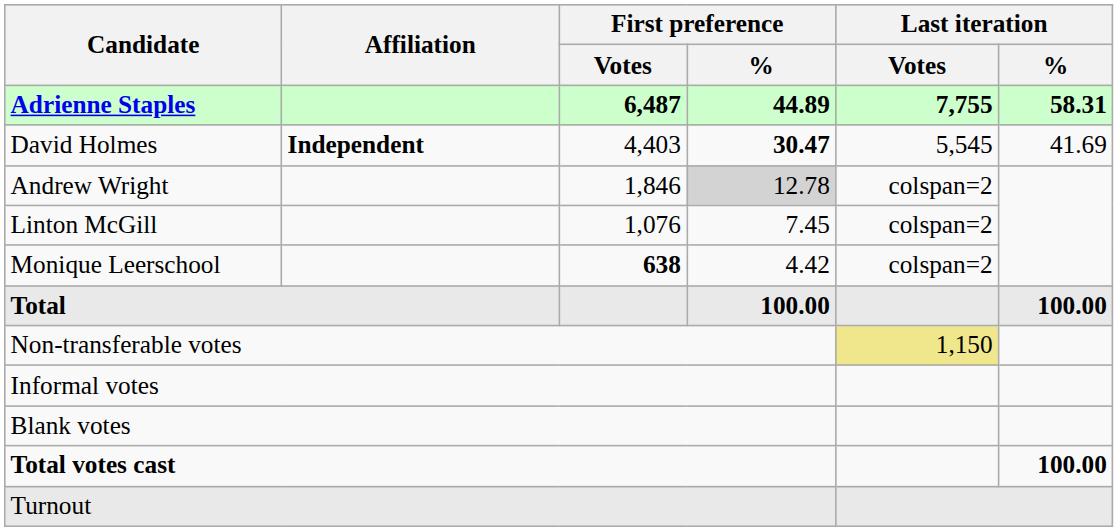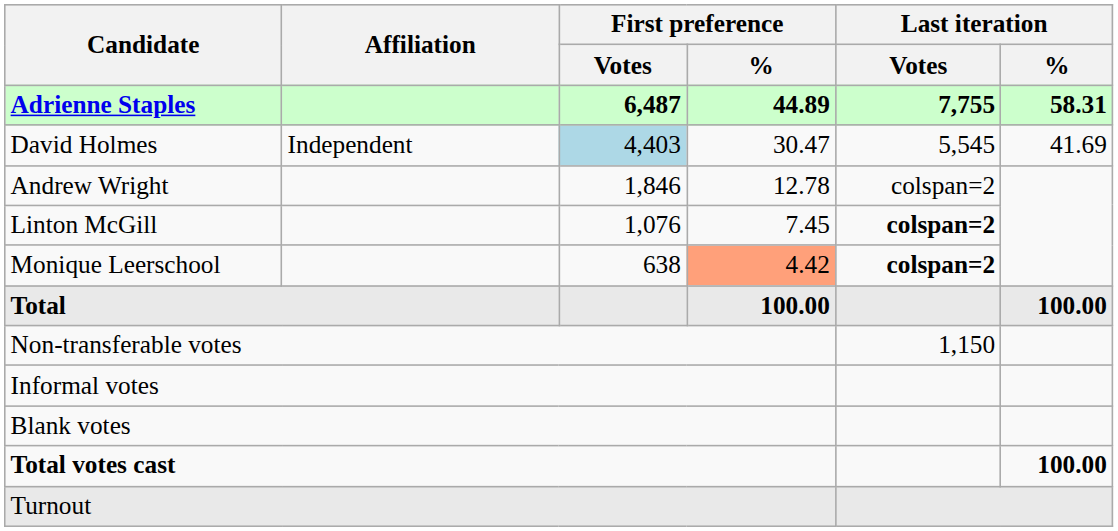 <table class="wikitable">
 <tr style="background:#e9e9e9;">
 <th rowspan="2" style="width:20%;">Candidate</th>
 <th rowspan="2" style="width:20%;">Affiliation</th>
 <th colspan="2" style="width:20%;">First preference</th>
 <th colspan="2" style="width:20%;">Last iteration</th>
 </tr>
 <tr style="background:#e9e9e9;">
 <th>Votes</th>
 <th>%</th>
 <th>Votes</th>
 <th>%</th>
 </tr>
 <tr style="text-align:right;background:#cfc;">
 <td style="text-align:left;"><strong><a href='#'>Adrienne Staples</a></strong></td>
 <td style="text-align:left;"></td>
 <td><strong>6,487</strong></td>
 <td><strong>44.89</strong></td>
 <td><strong>7,755</strong></td>
 <td><strong>58.31</strong></td>
 </tr>
 <tr style="text-align:right;">
 <td style="text-align:left;">David Holmes</td>
-<td style="text-align:left;"><strong>Independent</strong></td>
-<td>4,403</td>
-<td><strong>30.47</strong></td>
+<td style="text-align:left;">Independent</td>
+<td style="background: lightblue;">4,403</td>
+<td>30.47</td>
 <td>5,545</td>
 <td>41.69</td>
 </tr>
 <tr style="text-align:right;">
 <td style="text-align:left;">Andrew Wright</td>
 <td style="text-align:left;"></td>
 <td>1,846</td>
-<td style="background: lightgrey;">12.78</td>
+<td>12.78</td>
 <td>colspan=2 </td>
 </tr>
 <tr style="text-align:right;">
 <td style="text-align:left;">Linton McGill</td>
 <td style="text-align:left;"></td>
 <td>1,076</td>
 <td>7.45</td>
-<td>colspan=2 </td>
+<td><strong>colspan=2 </strong></td>
 </tr>
 <tr style="text-align:right;">
 <td style="text-align:left;">Monique Leerschool</td>
 <td style="text-align:left;"></td>
-<td><strong>638</strong></td>
-<td>4.42</td>
-<td>colspan=2 </td>
+<td>638</td>
+<td style="background: lightsalmon;">4.42</td>
+<td><strong>colspan=2 </strong></td>
 </tr>
 <tr style="background:#e9e9e9;text-align:right;">
 <td colspan=2 style="text-align:left;"><strong>Total</strong></td>
 <td></td>
 <td><strong>100.00</strong></td>
 <td></td>
 <td><strong>100.00</strong></td>
 </tr>
 <tr style="text-align:right;">
 <td colspan=4 style="text-align:left;">Non-transferable votes</td>
-<td style="background: khaki;">1,150</td>
+<td>1,150</td>
 <td></td>
 </tr>
 <tr style="text-align:right;">
 <td colspan=4 style="text-align:left;">Informal votes</td>
 <td></td>
 <td></td>
 </tr>
 <tr style="text-align:right;">
 <td colspan=4 style="text-align:left;">Blank votes</td>
 <td></td>
 <td></td>
 </tr>
 <tr style="text-align:right;">
 <td colspan=4 style="text-align:left;"><strong>Total votes cast</strong></td>
 <td></td>
 <td><strong>100.00</strong></td>
 </tr>
 <tr style="background:#e9e9e9;text-align:right;">
 <td colspan=4 style="text-align:left;">Turnout</td>
 <td colspan=2></td>
 </tr>
 </table>
